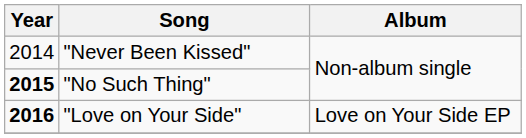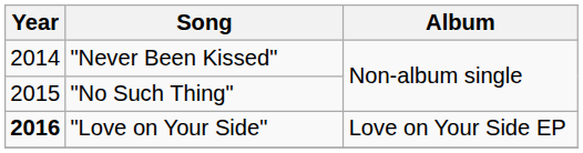 <table class="wikitable">
 <tr>
 <th>Year</th>
 <th style="width:12em;">Song</th>
 <th style="width:10em;">Album</th>
 </tr>
 <tr>
 <td rowspan="1">2014</td>
 <td>"Never Been Kissed"</td>
 <td rowspan="2">Non-album single</td>
 </tr>
 <tr>
-<td rowspan="1"><strong>2015</strong></td>
+<td rowspan="1">2015</td>
 <td>"No Such Thing"</td>
 </tr>
 <tr>
 <td rowspan="1"><strong>2016</strong></td>
 <td>"Love on Your Side"</td>
 <td rowspan="1">Love on Your Side EP</td>
 </tr>
 <tr>
 </tr>
 </table>
